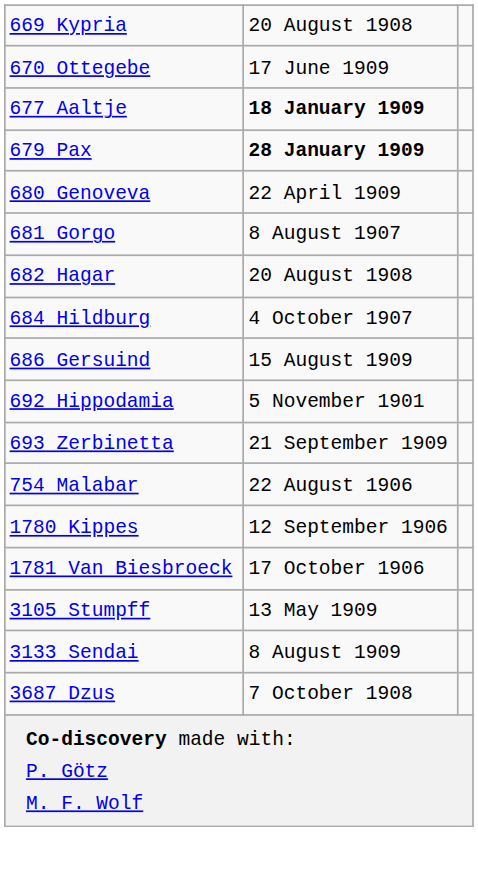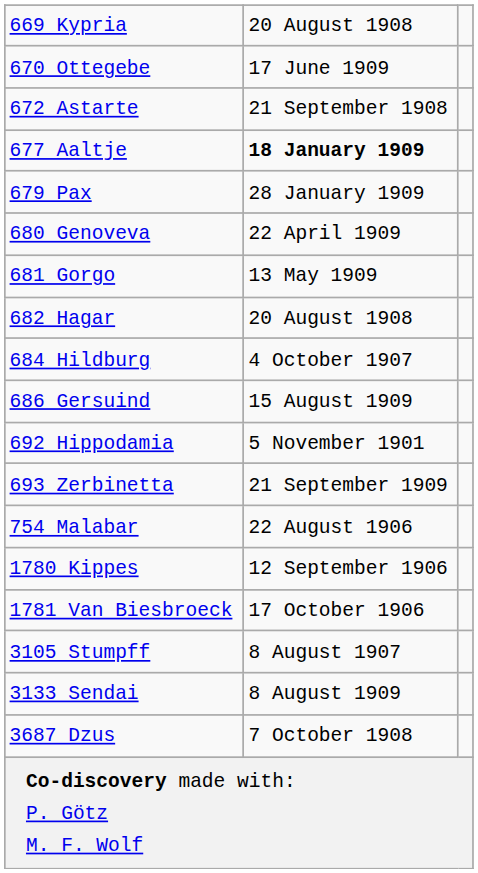 <table class="wikitable" style="font-size: 89%; float: left; width: 24em; margin-right: 1em; line-height: 1.65em !important;">
 <tr>
 <td><a href='#'>669 Kypria</a></td>
 <td>20 August 1908</td>
 <td></td>
 </tr>
 <tr>
 <td><a href='#'>670 Ottegebe</a></td>
 <td>17 June 1909</td>
 <td></td>
 </tr>
 <tr>
+<td><a href='#'>672 Astarte</a></td>
+<td>21 September 1908</td>
+<td></td>
+</tr>
+<tr>
 <td><a href='#'>677 Aaltje</a></td>
 <td><strong>18 January 1909</strong></td>
 <td></td>
 </tr>
 <tr>
 <td><a href='#'>679 Pax</a></td>
-<td><strong>28 January 1909</strong></td>
+<td>28 January 1909</td>
 <td></td>
 </tr>
 <tr>
 <td><a href='#'>680 Genoveva</a></td>
 <td>22 April 1909</td>
 <td></td>
 </tr>
 <tr>
 <td><a href='#'>681 Gorgo</a></td>
-<td>8 August 1907</td>
+<td>13 May 1909</td>
 <td></td>
 </tr>
 <tr>
 <td><a href='#'>682 Hagar</a></td>
 <td>20 August 1908</td>
 <td></td>
 </tr>
 <tr>
 <td><a href='#'>684 Hildburg</a></td>
 <td>4 October 1907</td>
 <td></td>
 </tr>
 <tr>
 <td><a href='#'>686 Gersuind</a></td>
 <td>15 August 1909</td>
 <td></td>
 </tr>
 <tr>
 <td><a href='#'>692 Hippodamia</a></td>
 <td>5 November 1901</td>
 <td> </td>
 </tr>
 <tr>
 <td><a href='#'>693 Zerbinetta</a></td>
 <td>21 September 1909</td>
 <td></td>
 </tr>
 <tr>
 <td><a href='#'>754 Malabar</a></td>
 <td>22 August 1906</td>
 <td></td>
 </tr>
 <tr>
 <td><a href='#'>1780 Kippes</a></td>
 <td>12 September 1906</td>
 <td></td>
 </tr>
 <tr>
 <td><a href='#'>1781 Van Biesbroeck</a></td>
 <td>17 October 1906</td>
 <td></td>
 </tr>
 <tr>
 <td><a href='#'>3105 Stumpff</a></td>
-<td>13 May 1909</td>
+<td>8 August 1907</td>
 <td></td>
 </tr>
 <tr>
 <td><a href='#'>3133 Sendai</a></td>
 <td>8 August 1909</td>
 <td></td>
 </tr>
 <tr>
 <td><a href='#'>3687 Dzus</a></td>
 <td>7 October 1908</td>
 <td></td>
 </tr>
 <tr>
 <th colspan=3 style="font-weight: normal; text-align: left; padding: 4px 12px;"><strong>Co-discovery</strong> made with:<br> <a href='#'>P. Götz</a><br> <a href='#'>M. F. Wolf</a></th>
 </tr>
 </table>
